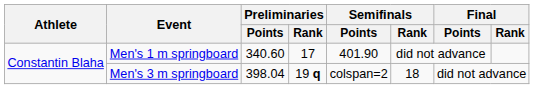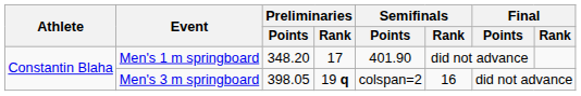 <table class=wikitable style="font-size:90%;">
 <tr>
 <th rowspan="2">Athlete</th>
 <th rowspan="2">Event</th>
 <th colspan="2">Preliminaries</th>
 <th colspan="2">Semifinals</th>
 <th colspan="2">Final</th>
 </tr>
 <tr style="font-size:95%">
 <th>Points</th>
 <th>Rank</th>
 <th>Points</th>
 <th>Rank</th>
 <th>Points</th>
 <th>Rank</th>
 </tr>
 <tr align=center>
 <td align=left rowspan=2><a href='#'>Constantin Blaha</a></td>
 <td align=left><a href='#'>Men's 1 m springboard</a></td>
-<td>340.60</td>
+<td>348.20</td>
 <td>17</td>
 <td>401.90</td>
 <td colspan=2>did not advance</td>
 </tr>
 <tr align=center>
 <td align=left><a href='#'>Men's 3 m springboard</a></td>
-<td>398.04</td>
+<td>398.05</td>
 <td>19 <strong>q</strong></td>
 <td>colspan=2 </td>
-<td>18</td>
+<td>16</td>
 <td colspan=2>did not advance</td>
 </tr>
 </table>
